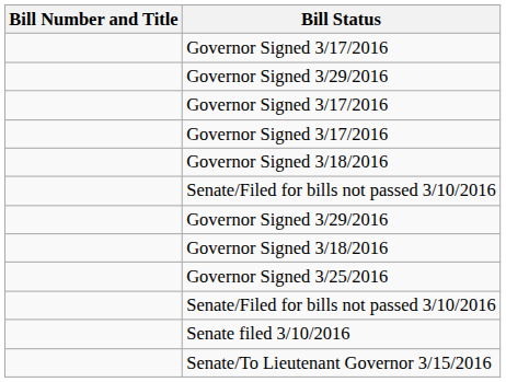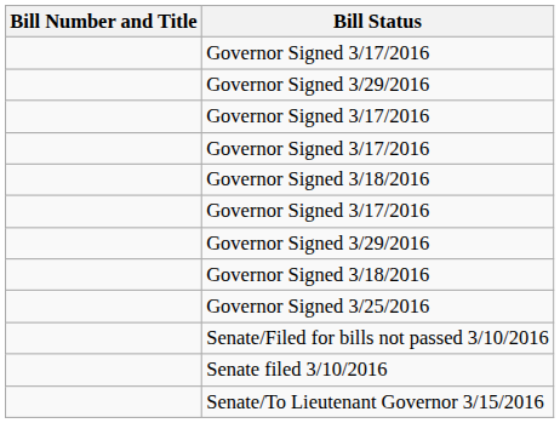 <table class="wikitable">
 <tr>
 <th>Bill Number and Title</th>
 <th>Bill Status</th>
 </tr>
 <tr>
 <td></td>
 <td>Governor Signed 3/17/2016</td>
 </tr>
 <tr>
 <td></td>
 <td>Governor Signed 3/29/2016</td>
 </tr>
 <tr>
 <td></td>
 <td>Governor Signed 3/17/2016</td>
 </tr>
 <tr>
 <td></td>
 <td>Governor Signed 3/17/2016</td>
 </tr>
 <tr>
 <td></td>
 <td>Governor Signed 3/18/2016</td>
 </tr>
 <tr>
 <td></td>
-<td>Senate/Filed for bills not passed 3/10/2016</td>
+<td>Governor Signed 3/17/2016</td>
 </tr>
 <tr>
 <td></td>
 <td>Governor Signed 3/29/2016</td>
 </tr>
 <tr>
 <td></td>
 <td>Governor Signed 3/18/2016</td>
 </tr>
 <tr>
 <td></td>
 <td>Governor Signed 3/25/2016</td>
 </tr>
 <tr>
 <td></td>
 <td>Senate/Filed for bills not passed 3/10/2016</td>
 </tr>
 <tr>
 <td></td>
 <td>Senate filed 3/10/2016</td>
 </tr>
 <tr>
 <td></td>
 <td>Senate/To Lieutenant Governor 3/15/2016</td>
 </tr>
 </table>
